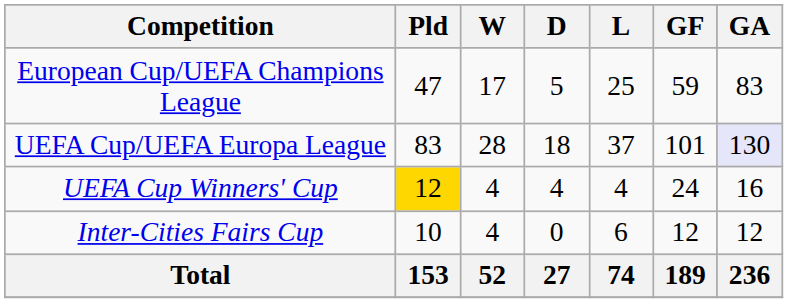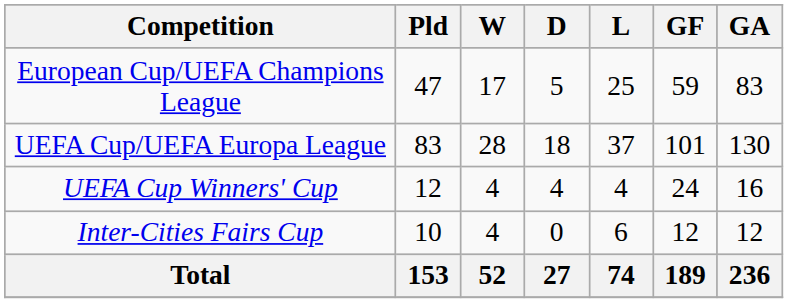 <table class="wikitable" style="text-align: center;">
 <tr>
 <th width="220">Competition</th>
 <th width="30">Pld</th>
 <th width="30">W</th>
 <th width="30">D</th>
 <th width="30">L</th>
 <th width="30">GF</th>
 <th width="30">GA</th>
 </tr>
 <tr>
 <td><a href='#'>European Cup/UEFA Champions League</a></td>
 <td>47</td>
 <td>17</td>
 <td>5</td>
 <td>25</td>
 <td>59</td>
 <td>83</td>
 </tr>
 <tr>
 <td><a href='#'>UEFA Cup/UEFA Europa League</a></td>
 <td>83</td>
 <td>28</td>
 <td>18</td>
 <td>37</td>
 <td>101</td>
-<td style="background: lavender;">130</td>
+<td>130</td>
 </tr>
 <tr>
 <td><em><a href='#'>UEFA Cup Winners' Cup</a></em></td>
-<td style="background: gold;">12</td>
+<td>12</td>
 <td>4</td>
 <td>4</td>
 <td>4</td>
 <td>24</td>
 <td>16</td>
 </tr>
 <tr>
 <td><em><a href='#'>Inter-Cities Fairs Cup</a></em></td>
 <td>10</td>
 <td>4</td>
 <td>0</td>
 <td>6</td>
 <td>12</td>
 <td>12</td>
 </tr>
 <tr>
 <th>Total</th>
 <th>153</th>
 <th>52</th>
 <th>27</th>
 <th>74</th>
 <th>189</th>
 <th>236</th>
 </tr>
 <tr>
 </tr>
 </table>
